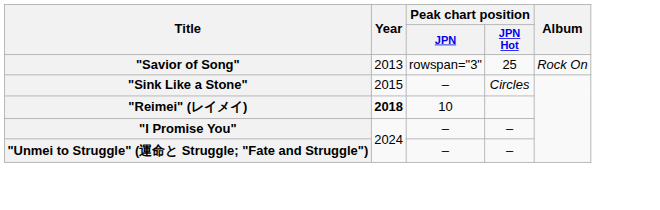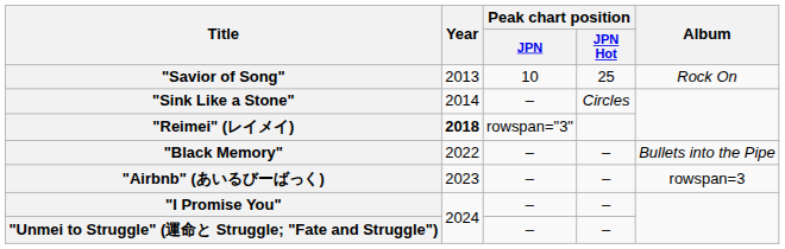 <table class="wikitable plainrowheaders" style="text-align:center">
 <tr>
 <th rowspan="2">Title</th>
 <th rowspan="2">Year</th>
 <th colspan="2">Peak chart position</th>
 <th rowspan="2">Album</th>
 </tr>
 <tr>
 <th scope="col" style="width:4em;font-size:85%"><a href='#'>JPN</a></th>
 <th scope="col" style="width:4em;font-size:85%"><a href='#'>JPN<br>Hot</a><br></th>
 </tr>
 <tr>
 <th scope="row">"Savior of Song"<br></th>
 <td>2013</td>
-<td>rowspan="3" </td>
+<td>10</td>
 <td>25</td>
 <td><em>Rock On</em></td>
 </tr>
 <tr>
 <th scope="row">"Sink Like a Stone"<br></th>
-<td>2015</td>
+<td>2014</td>
 <td>–</td>
 <td><em>Circles</em></td>
 </tr>
 <tr>
 <th scope="row">"Reimei" (レイメイ)<br></th>
 <td><strong>2018</strong></td>
-<td>10</td>
+<td>rowspan="3" </td>
 <td></td>
+</tr>
+<tr>
+<th scope="row">"Black Memory"<br></th>
+<td>2022</td>
+<td>–</td>
+<td>–</td>
+<td><em>Bullets into the Pipe</em></td>
+</tr>
+<tr>
+<th scope="row">"Airbnb" (あいるびーばっく)<br></th>
+<td>2023</td>
+<td>–</td>
+<td>–</td>
+<td>rowspan=3 </td>
 </tr>
 <tr>
 <th scope="row">"I Promise You"<br></th>
 <td rowspan="2">2024</td>
 <td>–</td>
 <td>–</td>
 </tr>
 <tr>
 <th scope="row">"Unmei to Struggle" (運命と Struggle; "Fate and Struggle")<br></th>
 <td>–</td>
 <td>–</td>
 </tr>
 </table>
